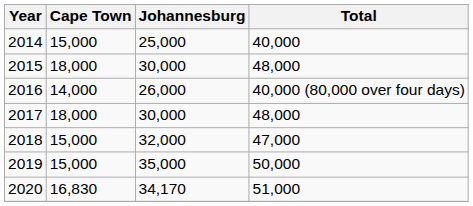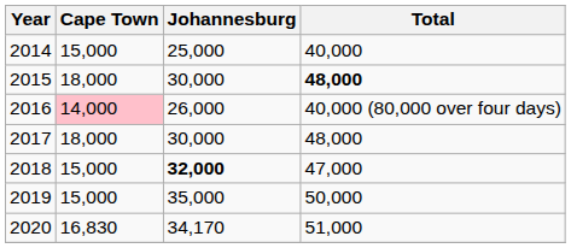 <table class="wikitable">
 <tr>
 <th>Year</th>
 <th>Cape Town</th>
 <th>Johannesburg</th>
 <th>Total</th>
 </tr>
 <tr>
 <td>2014</td>
 <td>15,000</td>
 <td>25,000</td>
 <td>40,000</td>
 </tr>
 <tr>
 <td>2015</td>
 <td>18,000</td>
 <td>30,000</td>
-<td>48,000</td>
+<td><strong>48,000</strong></td>
 </tr>
 <tr>
 <td>2016</td>
-<td>14,000</td>
+<td style="background: pink;">14,000</td>
 <td>26,000</td>
 <td>40,000 (80,000 over four days)</td>
 </tr>
 <tr>
 <td>2017</td>
 <td>18,000</td>
 <td>30,000</td>
 <td>48,000</td>
 </tr>
 <tr>
 <td>2018</td>
 <td>15,000</td>
-<td>32,000</td>
+<td><strong>32,000</strong></td>
 <td>47,000</td>
 </tr>
 <tr>
 <td>2019</td>
 <td>15,000</td>
 <td>35,000</td>
 <td>50,000</td>
 </tr>
 <tr>
 <td>2020</td>
 <td>16,830</td>
 <td>34,170</td>
 <td>51,000</td>
 </tr>
 <tr>
 </tr>
 </table>
